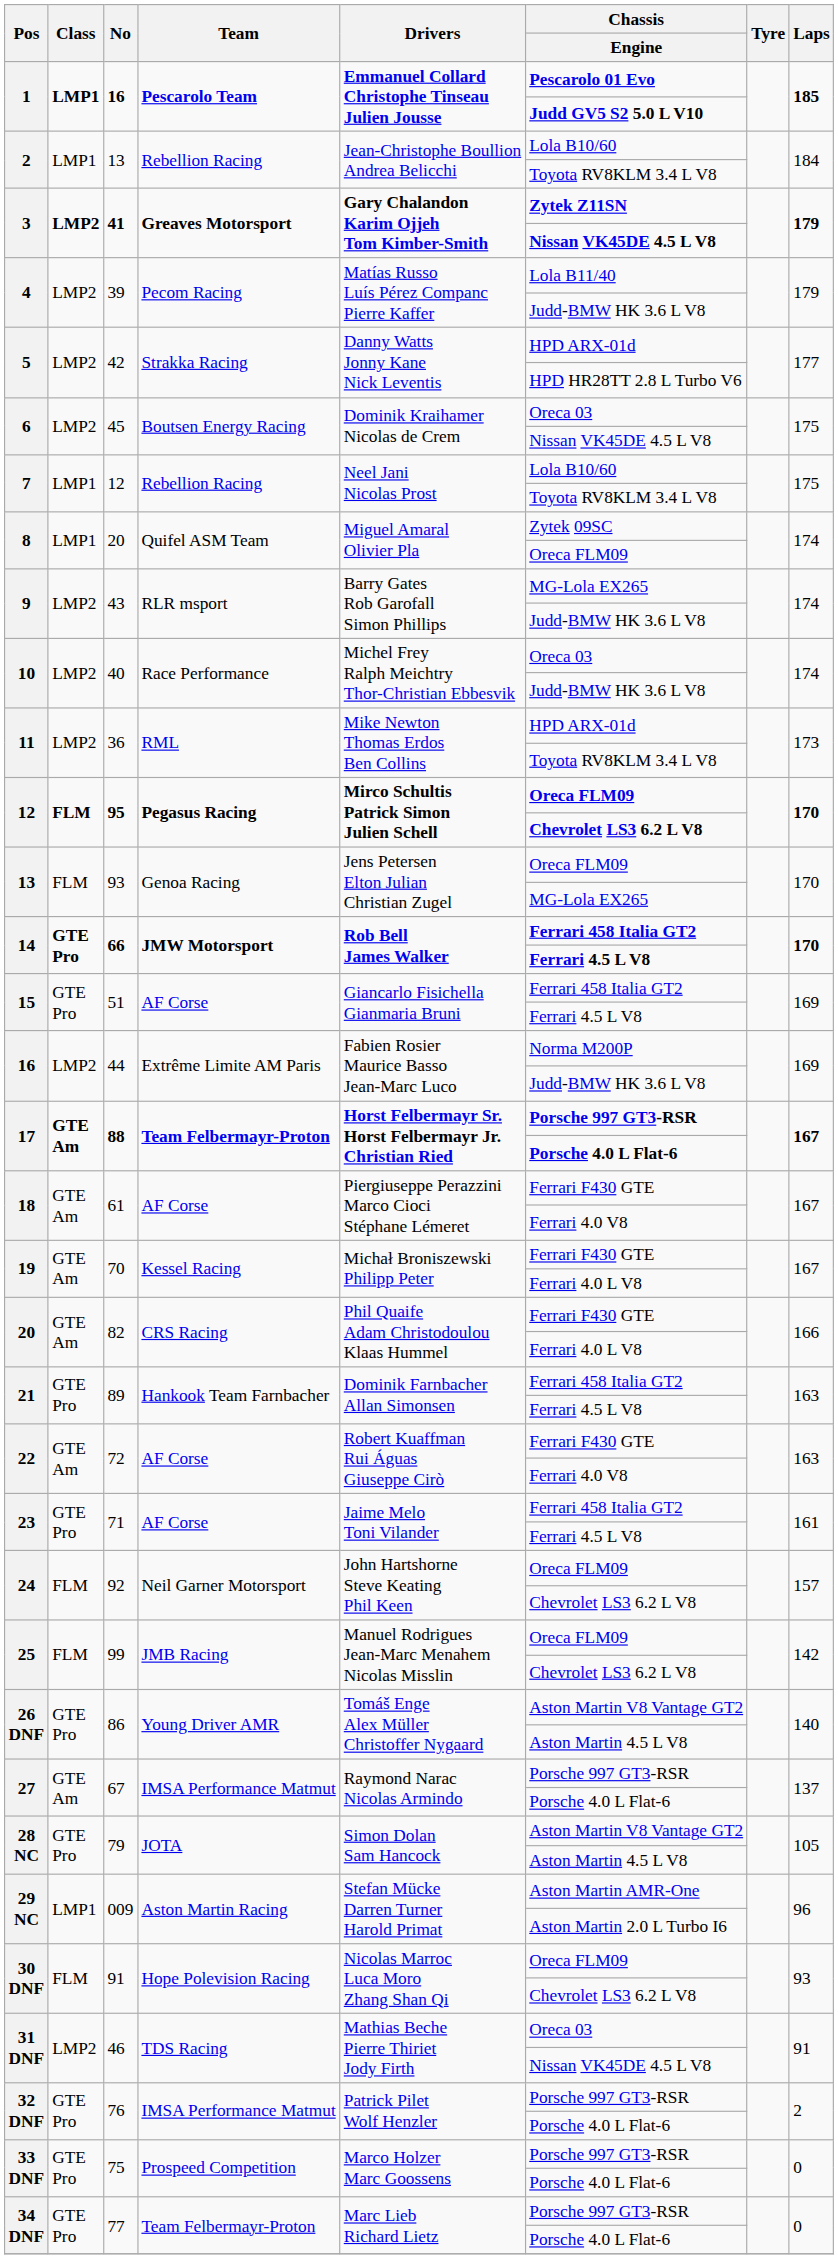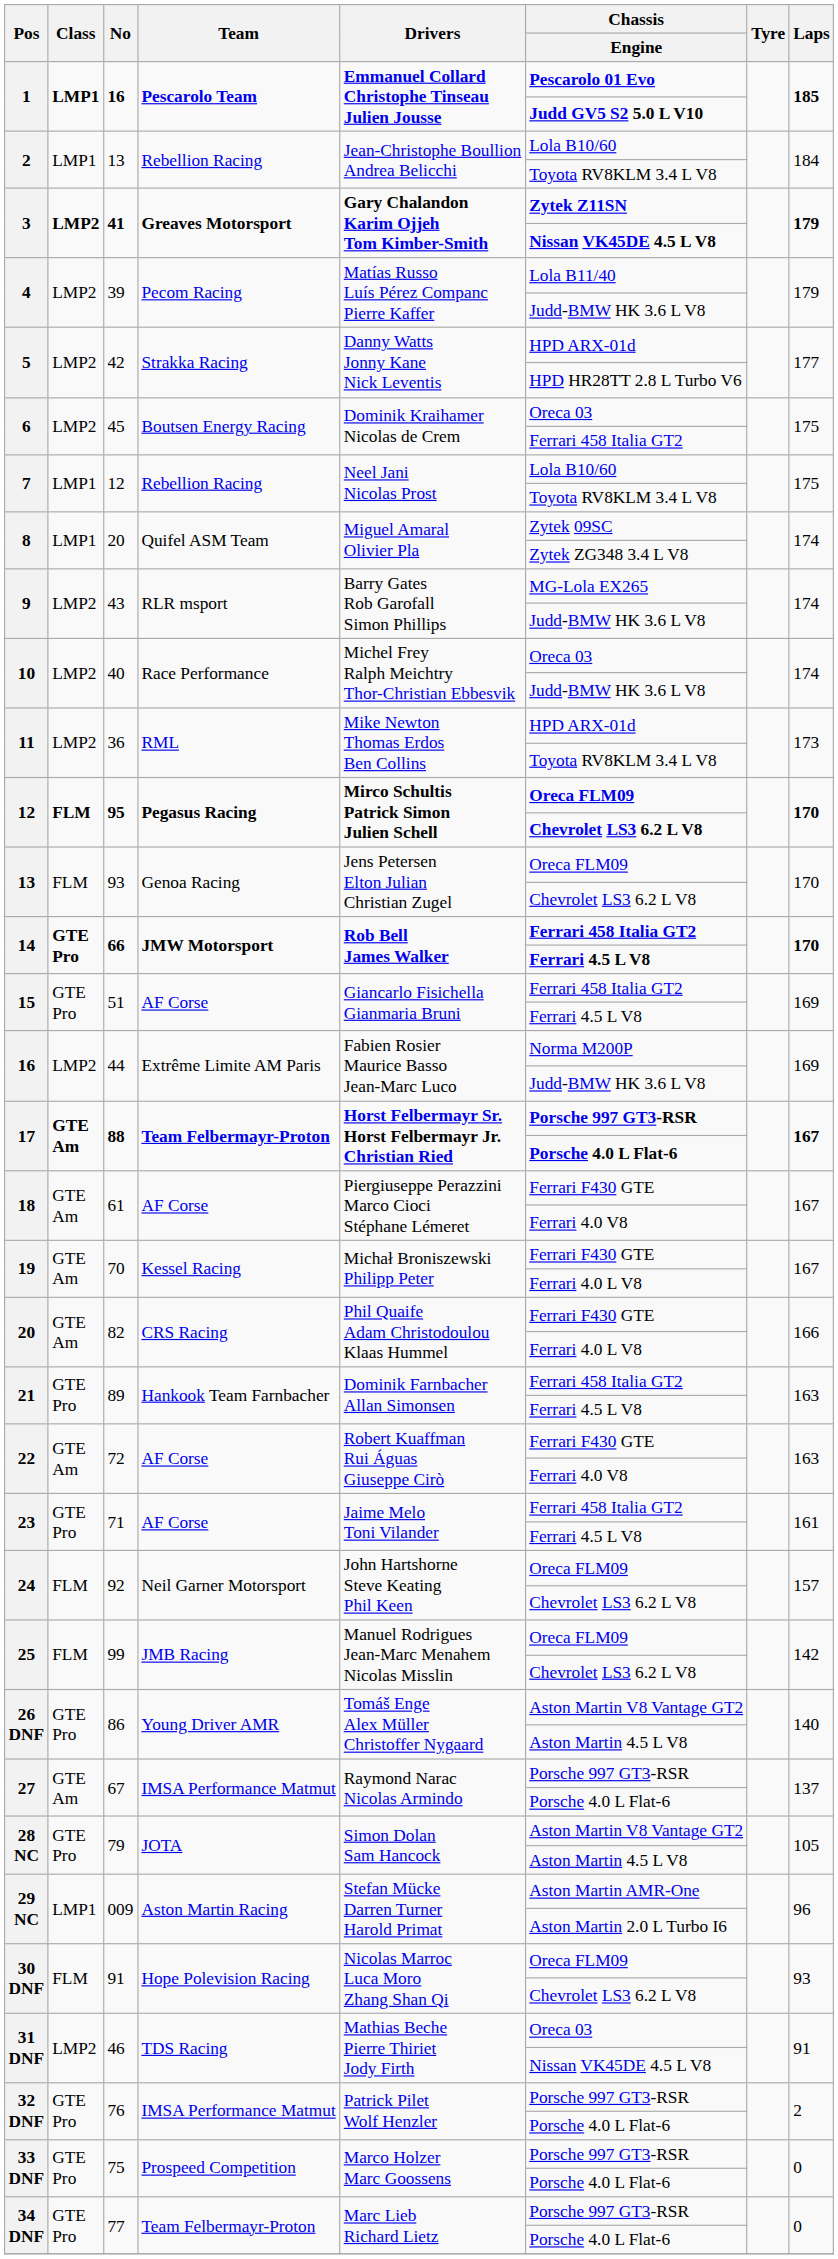 <table class="wikitable" style="font-size: 95%;">
 <tr>
 <th rowspan=2>Pos</th>
 <th rowspan=2>Class</th>
 <th rowspan=2>No</th>
 <th rowspan=2>Team</th>
 <th rowspan=2>Drivers</th>
 <th>Chassis</th>
 <th rowspan=2>Tyre</th>
 <th rowspan=2>Laps</th>
 </tr>
 <tr>
 <th>Engine</th>
 </tr>
 <tr style="font-weight:bold">
 <th rowspan=2>1</th>
 <td rowspan=2>LMP1</td>
 <td rowspan=2>16</td>
 <td rowspan=2> <a href='#'>Pescarolo Team</a></td>
 <td rowspan=2> <a href='#'>Emmanuel Collard</a><br> <a href='#'>Christophe Tinseau</a><br> <a href='#'>Julien Jousse</a></td>
 <td><a href='#'>Pescarolo 01 Evo</a></td>
 <td rowspan=2></td>
 <td rowspan=2>185</td>
 </tr>
 <tr style="font-weight:bold">
 <td><a href='#'>Judd GV5 S2</a> 5.0 L V10</td>
 </tr>
 <tr>
 <th rowspan=2>2</th>
 <td rowspan=2>LMP1</td>
 <td rowspan=2>13</td>
 <td rowspan=2> <a href='#'>Rebellion Racing</a></td>
 <td rowspan=2> <a href='#'>Jean-Christophe Boullion</a><br> <a href='#'>Andrea Belicchi</a></td>
 <td><a href='#'>Lola B10/60</a></td>
 <td rowspan=2></td>
 <td rowspan=2>184</td>
 </tr>
 <tr>
 <td><a href='#'>Toyota</a> RV8KLM 3.4 L V8</td>
 </tr>
 <tr style="font-weight:bold">
 <th rowspan=2>3</th>
 <td rowspan=2>LMP2</td>
 <td rowspan=2>41</td>
 <td rowspan=2> Greaves Motorsport</td>
 <td rowspan=2> Gary Chalandon<br> <a href='#'>Karim Ojjeh</a><br> <a href='#'>Tom Kimber-Smith</a></td>
 <td><a href='#'>Zytek Z11SN</a></td>
 <td rowspan=2></td>
 <td rowspan=2>179</td>
 </tr>
 <tr style="font-weight:bold">
 <td><a href='#'>Nissan</a> <a href='#'>VK45DE</a> 4.5 L V8</td>
 </tr>
 <tr>
 <th rowspan=2>4</th>
 <td rowspan=2>LMP2</td>
 <td rowspan=2>39</td>
 <td rowspan=2> <a href='#'>Pecom Racing</a></td>
 <td rowspan=2> <a href='#'>Matías Russo</a><br> <a href='#'>Luís Pérez Companc</a><br> <a href='#'>Pierre Kaffer</a></td>
 <td><a href='#'>Lola B11/40</a></td>
 <td rowspan=2></td>
 <td rowspan=2>179</td>
 </tr>
 <tr>
 <td><a href='#'>Judd</a>-<a href='#'>BMW</a> HK 3.6 L V8</td>
 </tr>
 <tr>
 <th rowspan=2>5</th>
 <td rowspan=2>LMP2</td>
 <td rowspan=2>42</td>
 <td rowspan=2> <a href='#'>Strakka Racing</a></td>
 <td rowspan=2> <a href='#'>Danny Watts</a><br> <a href='#'>Jonny Kane</a><br> <a href='#'>Nick Leventis</a></td>
 <td><a href='#'>HPD ARX-01d</a></td>
 <td rowspan=2></td>
 <td rowspan=2>177</td>
 </tr>
 <tr>
 <td><a href='#'>HPD</a> HR28TT 2.8 L Turbo V6</td>
 </tr>
 <tr>
 <th rowspan=2>6</th>
 <td rowspan=2>LMP2</td>
 <td rowspan=2>45</td>
 <td rowspan=2> <a href='#'>Boutsen Energy Racing</a></td>
 <td rowspan=2> <a href='#'>Dominik Kraihamer</a><br> Nicolas de Crem</td>
 <td><a href='#'>Oreca 03</a></td>
 <td rowspan=2></td>
 <td rowspan=2>175</td>
 </tr>
 <tr>
-<td><a href='#'>Nissan</a> <a href='#'>VK45DE</a> 4.5 L V8</td>
+<td><a href='#'>Ferrari 458 Italia GT2</a></td>
 </tr>
 <tr>
 <th rowspan=2>7</th>
 <td rowspan=2>LMP1</td>
 <td rowspan=2>12</td>
 <td rowspan=2> <a href='#'>Rebellion Racing</a></td>
 <td rowspan=2> <a href='#'>Neel Jani</a><br> <a href='#'>Nicolas Prost</a></td>
 <td><a href='#'>Lola B10/60</a></td>
 <td rowspan=2></td>
 <td rowspan=2>175</td>
 </tr>
 <tr>
 <td><a href='#'>Toyota</a> RV8KLM 3.4 L V8</td>
 </tr>
 <tr>
 <th rowspan=2>8</th>
 <td rowspan=2>LMP1</td>
 <td rowspan=2>20</td>
 <td rowspan=2> Quifel ASM Team</td>
 <td rowspan=2> <a href='#'>Miguel Amaral</a><br> <a href='#'>Olivier Pla</a></td>
 <td><a href='#'>Zytek</a> <a href='#'>09SC</a></td>
 <td rowspan=2></td>
 <td rowspan=2>174</td>
 </tr>
 <tr>
-<td><a href='#'>Oreca FLM09</a></td>
+<td><a href='#'>Zytek</a> ZG348 3.4 L V8</td>
 </tr>
 <tr>
 <th rowspan=2>9</th>
 <td rowspan=2>LMP2</td>
 <td rowspan=2>43</td>
 <td rowspan=2> RLR msport</td>
 <td rowspan=2> Barry Gates<br> Rob Garofall<br> Simon Phillips</td>
 <td><a href='#'>MG-Lola EX265</a></td>
 <td rowspan=2></td>
 <td rowspan=2>174</td>
 </tr>
 <tr>
 <td><a href='#'>Judd</a>-<a href='#'>BMW</a> HK 3.6 L V8</td>
 </tr>
 <tr>
 <th rowspan=2>10</th>
 <td rowspan=2>LMP2</td>
 <td rowspan=2>40</td>
 <td rowspan=2> Race Performance</td>
 <td rowspan=2> Michel Frey<br> Ralph Meichtry<br> <a href='#'>Thor-Christian Ebbesvik</a></td>
 <td><a href='#'>Oreca 03</a></td>
 <td rowspan=2></td>
 <td rowspan=2>174</td>
 </tr>
 <tr>
 <td><a href='#'>Judd</a>-<a href='#'>BMW</a> HK 3.6 L V8</td>
 </tr>
 <tr>
 <th rowspan=2>11</th>
 <td rowspan=2>LMP2</td>
 <td rowspan=2>36</td>
 <td rowspan=2> <a href='#'>RML</a></td>
 <td rowspan=2> <a href='#'>Mike Newton</a><br> <a href='#'>Thomas Erdos</a><br> <a href='#'>Ben Collins</a></td>
 <td><a href='#'>HPD ARX-01d</a></td>
 <td rowspan=2></td>
 <td rowspan=2>173</td>
 </tr>
 <tr>
 <td><a href='#'>Toyota</a> RV8KLM 3.4 L V8</td>
 </tr>
 <tr style="font-weight:bold">
 <th rowspan=2>12</th>
 <td rowspan=2>FLM</td>
 <td rowspan=2>95</td>
 <td rowspan=2> Pegasus Racing</td>
 <td rowspan=2> Mirco Schultis<br> Patrick Simon<br> Julien Schell</td>
 <td><a href='#'>Oreca FLM09</a></td>
 <td rowspan=2></td>
 <td rowspan=2>170</td>
 </tr>
 <tr style="font-weight:bold">
 <td><a href='#'>Chevrolet</a> <a href='#'>LS3</a> 6.2 L V8</td>
 </tr>
 <tr>
 <th rowspan=2>13</th>
 <td rowspan=2>FLM</td>
 <td rowspan=2>93</td>
 <td rowspan=2> Genoa Racing</td>
 <td rowspan=2> Jens Petersen<br> <a href='#'>Elton Julian</a><br> Christian Zugel</td>
 <td><a href='#'>Oreca FLM09</a></td>
 <td rowspan=2></td>
 <td rowspan=2>170</td>
 </tr>
 <tr>
-<td><a href='#'>MG-Lola EX265</a></td>
+<td><a href='#'>Chevrolet</a> <a href='#'>LS3</a> 6.2 L V8</td>
 </tr>
 <tr style="font-weight:bold">
 <th rowspan=2>14</th>
 <td rowspan=2>GTE<br>Pro</td>
 <td rowspan=2>66</td>
 <td rowspan=2> JMW Motorsport</td>
 <td rowspan=2> <a href='#'>Rob Bell</a><br> <a href='#'>James Walker</a></td>
 <td><a href='#'>Ferrari 458 Italia GT2</a></td>
 <td rowspan=2></td>
 <td rowspan=2>170</td>
 </tr>
 <tr style="font-weight:bold">
 <td><a href='#'>Ferrari</a> 4.5 L V8</td>
 </tr>
 <tr>
 <th rowspan=2>15</th>
 <td rowspan=2>GTE<br>Pro</td>
 <td rowspan=2>51</td>
 <td rowspan=2> <a href='#'>AF Corse</a></td>
 <td rowspan=2> <a href='#'>Giancarlo Fisichella</a><br> <a href='#'>Gianmaria Bruni</a></td>
 <td><a href='#'>Ferrari 458 Italia GT2</a></td>
 <td rowspan=2></td>
 <td rowspan=2>169</td>
 </tr>
 <tr>
 <td><a href='#'>Ferrari</a> 4.5 L V8</td>
 </tr>
 <tr>
 <th rowspan=2>16</th>
 <td rowspan=2>LMP2</td>
 <td rowspan=2>44</td>
 <td rowspan=2> Extrême Limite AM Paris</td>
 <td rowspan=2> Fabien Rosier<br> Maurice Basso<br> Jean-Marc Luco</td>
 <td><a href='#'>Norma M200P</a></td>
 <td rowspan=2></td>
 <td rowspan=2>169</td>
 </tr>
 <tr>
 <td><a href='#'>Judd</a>-<a href='#'>BMW</a> HK 3.6 L V8</td>
 </tr>
 <tr style="font-weight:bold">
 <th rowspan=2>17</th>
 <td rowspan=2>GTE<br>Am</td>
 <td rowspan=2>88</td>
 <td rowspan=2> <a href='#'>Team Felbermayr-Proton</a></td>
 <td rowspan=2> <a href='#'>Horst Felbermayr Sr.</a><br> Horst Felbermayr Jr.<br> <a href='#'>Christian Ried</a></td>
 <td><a href='#'>Porsche 997 GT3</a>-RSR</td>
 <td rowspan=2></td>
 <td rowspan=2>167</td>
 </tr>
 <tr style="font-weight:bold">
 <td><a href='#'>Porsche</a> 4.0 L Flat-6</td>
 </tr>
 <tr>
 <th rowspan=2>18</th>
 <td rowspan=2>GTE<br>Am</td>
 <td rowspan=2>61</td>
 <td rowspan=2> <a href='#'>AF Corse</a></td>
 <td rowspan=2> Piergiuseppe Perazzini<br> Marco Cioci<br> Stéphane Lémeret</td>
 <td><a href='#'>Ferrari F430</a> GTE</td>
 <td rowspan=2></td>
 <td rowspan=2>167</td>
 </tr>
 <tr>
 <td><a href='#'>Ferrari</a> 4.0 V8</td>
 </tr>
 <tr>
 <th rowspan=2>19</th>
 <td rowspan=2>GTE<br>Am</td>
 <td rowspan=2>70</td>
 <td rowspan=2> <a href='#'>Kessel Racing</a></td>
 <td rowspan=2> Michał Broniszewski<br> <a href='#'>Philipp Peter</a></td>
 <td><a href='#'>Ferrari F430</a> GTE</td>
 <td rowspan=2></td>
 <td rowspan=2>167</td>
 </tr>
 <tr>
 <td><a href='#'>Ferrari</a> 4.0 L V8</td>
 </tr>
 <tr>
 <th rowspan=2>20</th>
 <td rowspan=2>GTE<br>Am</td>
 <td rowspan=2>82</td>
 <td rowspan=2> <a href='#'>CRS Racing</a></td>
 <td rowspan=2> <a href='#'>Phil Quaife</a><br> <a href='#'>Adam Christodoulou</a><br> Klaas Hummel</td>
 <td><a href='#'>Ferrari F430</a> GTE</td>
 <td rowspan=2></td>
 <td rowspan=2>166</td>
 </tr>
 <tr>
 <td><a href='#'>Ferrari</a> 4.0 L V8</td>
 </tr>
 <tr>
 <th rowspan=2>21</th>
 <td rowspan=2>GTE<br>Pro</td>
 <td rowspan=2>89</td>
 <td rowspan=2> <a href='#'>Hankook</a> Team Farnbacher</td>
 <td rowspan=2> <a href='#'>Dominik Farnbacher</a><br> <a href='#'>Allan Simonsen</a></td>
 <td><a href='#'>Ferrari 458 Italia GT2</a></td>
 <td rowspan=2></td>
 <td rowspan=2>163</td>
 </tr>
 <tr>
 <td><a href='#'>Ferrari</a> 4.5 L V8</td>
 </tr>
 <tr>
 <th rowspan=2>22</th>
 <td rowspan=2>GTE<br>Am</td>
 <td rowspan=2>72</td>
 <td rowspan=2> <a href='#'>AF Corse</a></td>
 <td rowspan=2> <a href='#'>Robert Kuaffman</a><br> <a href='#'>Rui Águas</a><br> <a href='#'>Giuseppe Cirò</a></td>
 <td><a href='#'>Ferrari F430</a> GTE</td>
 <td rowspan=2></td>
 <td rowspan=2>163</td>
 </tr>
 <tr>
 <td><a href='#'>Ferrari</a> 4.0 V8</td>
 </tr>
 <tr>
 <th rowspan=2>23</th>
 <td rowspan=2>GTE<br>Pro</td>
 <td rowspan=2>71</td>
 <td rowspan=2> <a href='#'>AF Corse</a></td>
 <td rowspan=2> <a href='#'>Jaime Melo</a><br> <a href='#'>Toni Vilander</a></td>
 <td><a href='#'>Ferrari 458 Italia GT2</a></td>
 <td rowspan=2></td>
 <td rowspan=2>161</td>
 </tr>
 <tr>
 <td><a href='#'>Ferrari</a> 4.5 L V8</td>
 </tr>
 <tr>
 <th rowspan=2>24</th>
 <td rowspan=2>FLM</td>
 <td rowspan=2>92</td>
 <td rowspan=2> Neil Garner Motorsport</td>
 <td rowspan=2> John Hartshorne<br> Steve Keating<br> <a href='#'>Phil Keen</a></td>
 <td><a href='#'>Oreca FLM09</a></td>
 <td rowspan=2></td>
 <td rowspan=2>157</td>
 </tr>
 <tr>
 <td><a href='#'>Chevrolet</a> <a href='#'>LS3</a> 6.2 L V8</td>
 </tr>
 <tr>
 <th rowspan=2>25</th>
 <td rowspan=2>FLM</td>
 <td rowspan=2>99</td>
 <td rowspan=2> <a href='#'>JMB Racing</a></td>
 <td rowspan=2> Manuel Rodrigues<br> Jean-Marc Menahem<br> Nicolas Misslin</td>
 <td><a href='#'>Oreca FLM09</a></td>
 <td rowspan=2></td>
 <td rowspan=2>142</td>
 </tr>
 <tr>
 <td><a href='#'>Chevrolet</a> <a href='#'>LS3</a> 6.2 L V8</td>
 </tr>
 <tr>
 <th rowspan=2>26<br>DNF</th>
 <td rowspan=2>GTE<br>Pro</td>
 <td rowspan=2>86</td>
 <td rowspan=2> <a href='#'>Young Driver AMR</a></td>
 <td rowspan=2> <a href='#'>Tomáš Enge</a><br> <a href='#'>Alex Müller</a><br> <a href='#'>Christoffer Nygaard</a></td>
 <td><a href='#'>Aston Martin V8 Vantage GT2</a></td>
 <td rowspan=2></td>
 <td rowspan=2>140</td>
 </tr>
 <tr>
 <td><a href='#'>Aston Martin</a> 4.5 L V8</td>
 </tr>
 <tr>
 <th rowspan=2>27</th>
 <td rowspan=2>GTE<br>Am</td>
 <td rowspan=2>67</td>
 <td rowspan=2> <a href='#'>IMSA Performance Matmut</a></td>
 <td rowspan=2> Raymond Narac<br> <a href='#'>Nicolas Armindo</a></td>
 <td><a href='#'>Porsche 997 GT3</a>-RSR</td>
 <td rowspan=2></td>
 <td rowspan=2>137</td>
 </tr>
 <tr>
 <td><a href='#'>Porsche</a> 4.0 L Flat-6</td>
 </tr>
 <tr>
 <th rowspan=2>28<br>NC</th>
 <td rowspan=2>GTE<br>Pro</td>
 <td rowspan=2>79</td>
 <td rowspan=2> <a href='#'>JOTA</a></td>
 <td rowspan=2> <a href='#'>Simon Dolan</a><br> <a href='#'>Sam Hancock</a></td>
 <td><a href='#'>Aston Martin V8 Vantage GT2</a></td>
 <td rowspan=2></td>
 <td rowspan=2>105</td>
 </tr>
 <tr>
 <td><a href='#'>Aston Martin</a> 4.5 L V8</td>
 </tr>
 <tr>
 <th rowspan=2>29<br>NC</th>
 <td rowspan=2>LMP1</td>
 <td rowspan=2>009</td>
 <td rowspan=2> <a href='#'>Aston Martin Racing</a></td>
 <td rowspan=2> <a href='#'>Stefan Mücke</a><br> <a href='#'>Darren Turner</a><br> <a href='#'>Harold Primat</a></td>
 <td><a href='#'>Aston Martin AMR-One</a></td>
 <td rowspan=2></td>
 <td rowspan=2>96</td>
 </tr>
 <tr>
 <td><a href='#'>Aston Martin</a> 2.0 L Turbo I6</td>
 </tr>
 <tr>
 <th rowspan=2>30<br>DNF</th>
 <td rowspan=2>FLM</td>
 <td rowspan=2>91</td>
 <td rowspan=2> <a href='#'>Hope Polevision Racing</a></td>
 <td rowspan=2> <a href='#'>Nicolas Marroc</a><br> <a href='#'>Luca Moro</a><br> <a href='#'>Zhang Shan Qi</a></td>
 <td><a href='#'>Oreca FLM09</a></td>
 <td rowspan=2></td>
 <td rowspan=2>93</td>
 </tr>
 <tr>
 <td><a href='#'>Chevrolet</a> <a href='#'>LS3</a> 6.2 L V8</td>
 </tr>
 <tr>
 <th rowspan=2>31<br>DNF</th>
 <td rowspan=2>LMP2</td>
 <td rowspan=2>46</td>
 <td rowspan=2> <a href='#'>TDS Racing</a></td>
 <td rowspan=2> <a href='#'>Mathias Beche</a><br> <a href='#'>Pierre Thiriet</a><br> <a href='#'>Jody Firth</a></td>
 <td><a href='#'>Oreca 03</a></td>
 <td rowspan=2></td>
 <td rowspan=2>91</td>
 </tr>
 <tr>
 <td><a href='#'>Nissan</a> <a href='#'>VK45DE</a> 4.5 L V8</td>
 </tr>
 <tr>
 <th rowspan=2>32<br>DNF</th>
 <td rowspan=2>GTE<br>Pro</td>
 <td rowspan=2>76</td>
 <td rowspan=2> <a href='#'>IMSA Performance Matmut</a></td>
 <td rowspan=2> <a href='#'>Patrick Pilet</a><br> <a href='#'>Wolf Henzler</a></td>
 <td><a href='#'>Porsche 997 GT3</a>-RSR</td>
 <td rowspan=2></td>
 <td rowspan=2>2</td>
 </tr>
 <tr>
 <td><a href='#'>Porsche</a> 4.0 L Flat-6</td>
 </tr>
 <tr>
 <th rowspan=2>33<br>DNF</th>
 <td rowspan=2>GTE<br>Pro</td>
 <td rowspan=2>75</td>
 <td rowspan=2> <a href='#'>Prospeed Competition</a></td>
 <td rowspan=2> <a href='#'>Marco Holzer</a><br> <a href='#'>Marc Goossens</a></td>
 <td><a href='#'>Porsche 997 GT3</a>-RSR</td>
 <td rowspan=2></td>
 <td rowspan=2>0</td>
 </tr>
 <tr>
 <td><a href='#'>Porsche</a> 4.0 L Flat-6</td>
 </tr>
 <tr>
 <th rowspan=2>34<br>DNF</th>
 <td rowspan=2>GTE<br>Pro</td>
 <td rowspan=2>77</td>
 <td rowspan=2> <a href='#'>Team Felbermayr-Proton</a></td>
 <td rowspan=2> <a href='#'>Marc Lieb</a><br> <a href='#'>Richard Lietz</a></td>
 <td><a href='#'>Porsche 997 GT3</a>-RSR</td>
 <td rowspan=2></td>
 <td rowspan=2>0</td>
 </tr>
 <tr>
 <td><a href='#'>Porsche</a> 4.0 L Flat-6</td>
 </tr>
 <tr>
 </tr>
 </table>
